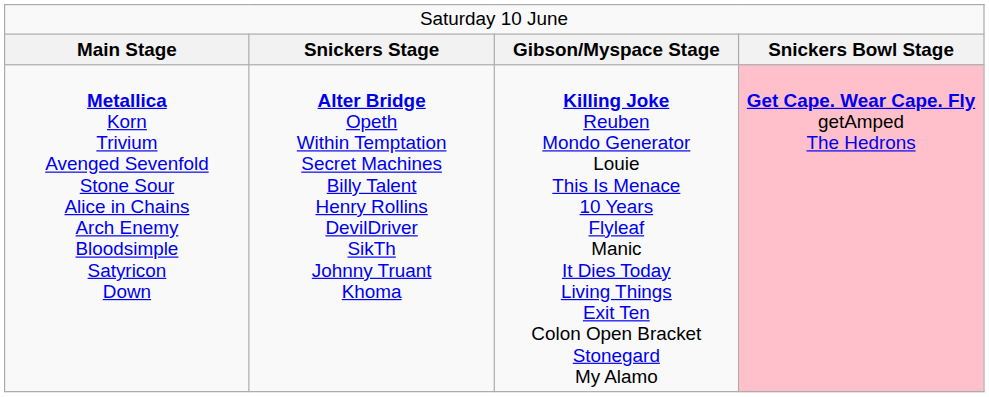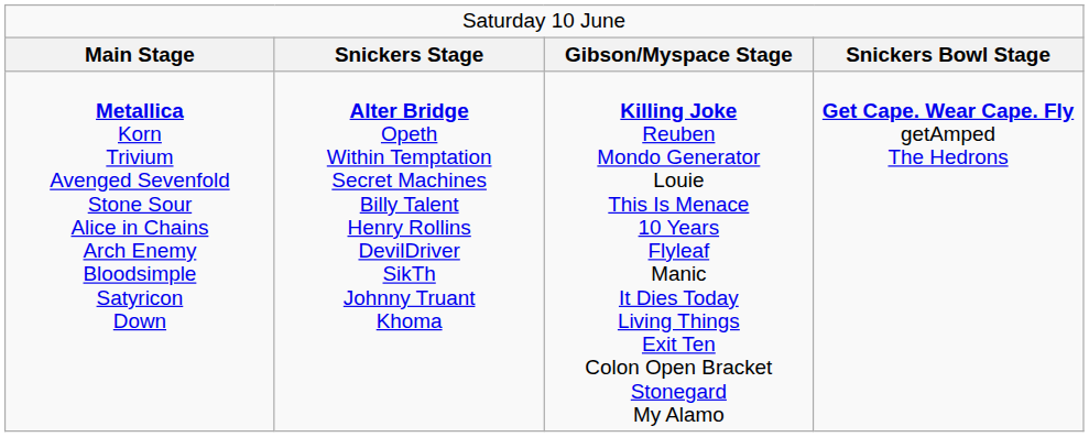 <table class="wikitable">
 <tr>
 <td colspan="4" style="text-align:center;">Saturday 10 June</td>
 </tr>
 <tr>
 <th>Main Stage</th>
 <th>Snickers Stage</th>
 <th>Gibson/Myspace Stage</th>
 <th>Snickers Bowl Stage</th>
 </tr>
 <tr>
 <td style="text-align:center; vertical-align:top; width:200px;"><br><strong><a href='#'>Metallica</a></strong> <br><a href='#'>Korn</a> <br><a href='#'>Trivium</a> <br><a href='#'>Avenged Sevenfold</a> <br><a href='#'>Stone Sour</a> <br><a href='#'>Alice in Chains</a> <br><a href='#'>Arch Enemy</a> <br><a href='#'>Bloodsimple</a> <br><a href='#'>Satyricon</a> <br><a href='#'>Down</a></td>
 <td style="text-align:center; vertical-align:top; width:200px;"><br><strong><a href='#'>Alter Bridge</a></strong> <br><a href='#'>Opeth</a> <br><a href='#'>Within Temptation</a> <br><a href='#'>Secret Machines</a> <br><a href='#'>Billy Talent</a> <br><a href='#'>Henry Rollins</a> <br><a href='#'>DevilDriver</a> <br><a href='#'>SikTh</a> <br><a href='#'>Johnny Truant</a> <br><a href='#'>Khoma</a></td>
 <td style="text-align:center; vertical-align:top; width:200px;"><br><strong><a href='#'>Killing Joke</a></strong> <br><a href='#'>Reuben</a> <br><a href='#'>Mondo Generator</a> <br>Louie <br><a href='#'>This Is Menace</a> <br><a href='#'>10 Years</a> <br><a href='#'>Flyleaf</a> <br>Manic <br><a href='#'>It Dies Today</a> <br><a href='#'>Living Things</a> <br><a href='#'>Exit Ten</a> <br>Colon Open Bracket <br><a href='#'>Stonegard</a> <br>My Alamo</td>
-<td style="background: pink; text-align:center; vertical-align:top; width:200px;"><br><strong><a href='#'>Get Cape. Wear Cape. Fly</a></strong> <br>getAmped <br><a href='#'>The Hedrons</a></td>
+<td style="text-align:center; vertical-align:top; width:200px;"><br><strong><a href='#'>Get Cape. Wear Cape. Fly</a></strong> <br>getAmped <br><a href='#'>The Hedrons</a></td>
 </tr>
 </table>
